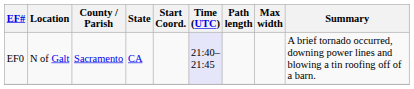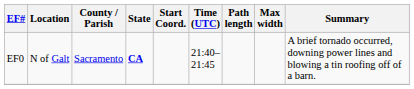 <table class="wikitable sortable" style="width:100%;">
 <tr>
 <th scope="col"  style="width:3%; text-align:center;"><a href='#'>EF#</a></th>
 <th scope="col"  style="width:7%; text-align:center;" class="unsortable">Location</th>
 <th scope="col"  style="width:6%; text-align:center;" class="unsortable">County / Parish</th>
 <th scope="col"  style="width:5%; text-align:center;">State</th>
 <th scope="col"  style="width:6%; text-align:center;">Start Coord.</th>
 <th scope="col"  style="width:6%; text-align:center;">Time (<a href='#'>UTC</a>)</th>
 <th scope="col"  style="width:6%; text-align:center;">Path length</th>
 <th scope="col"  style="width:6%; text-align:center;">Max width</th>
 <th scope="col" class="unsortable" style="width:48%; text-align:center;">Summary</th>
 </tr>
 <tr>
 <td>EF0</td>
 <td>N of <a href='#'>Galt</a></td>
 <td><a href='#'>Sacramento</a></td>
-<td><a href='#'>CA</a></td>
+<td><strong><a href='#'>CA</a></strong></td>
 <td></td>
-<td style="background: lavender;">21:40–21:45</td>
+<td>21:40–21:45</td>
 <td></td>
 <td></td>
 <td>A brief tornado occurred, downing power lines and blowing a tin roofing off of a barn.</td>
 </tr>
 <tr>
 </tr>
 </table>
